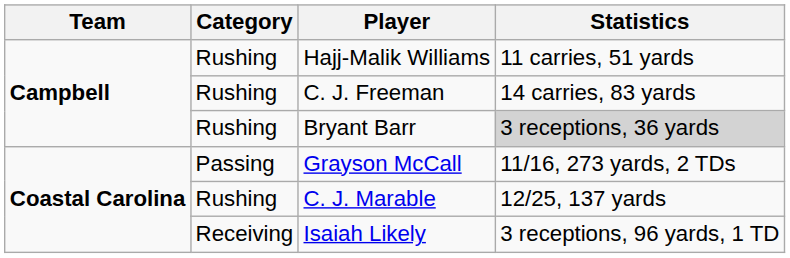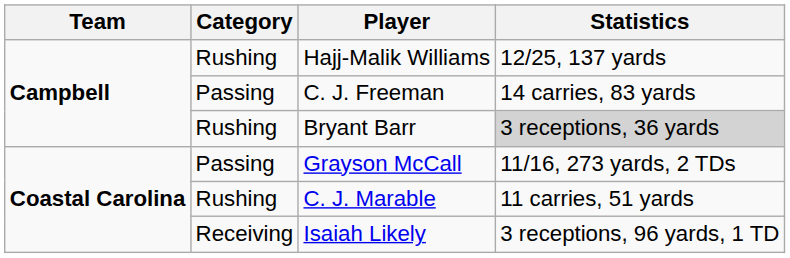 <table class="wikitable" style="float: left;">
 <tr>
 <th>Team</th>
 <th>Category</th>
 <th>Player</th>
 <th>Statistics</th>
 </tr>
 <tr>
 <td rowspan=3><strong>Campbell</strong></td>
 <td>Rushing</td>
 <td>Hajj-Malik Williams</td>
-<td>11 carries, 51 yards</td>
+<td>12/25, 137 yards</td>
 </tr>
 <tr>
-<td>Rushing</td>
+<td>Passing</td>
 <td>C. J. Freeman</td>
 <td>14 carries, 83 yards</td>
 </tr>
 <tr>
 <td>Rushing</td>
 <td>Bryant Barr</td>
 <td style="background: lightgrey;">3 receptions, 36 yards</td>
 </tr>
 <tr>
 <td rowspan=3><strong>Coastal Carolina</strong></td>
 <td>Passing</td>
 <td><a href='#'>Grayson McCall</a></td>
 <td>11/16, 273 yards, 2 TDs</td>
 </tr>
 <tr>
 <td>Rushing</td>
 <td><a href='#'>C. J. Marable</a></td>
-<td>12/25, 137 yards</td>
+<td>11 carries, 51 yards</td>
 </tr>
 <tr>
 <td>Receiving</td>
 <td><a href='#'>Isaiah Likely</a></td>
 <td>3 receptions, 96 yards, 1 TD</td>
 </tr>
 </table>
